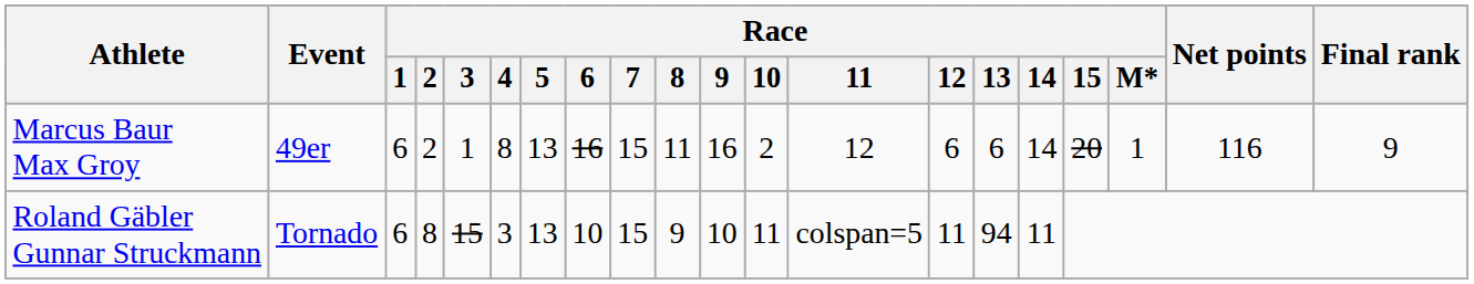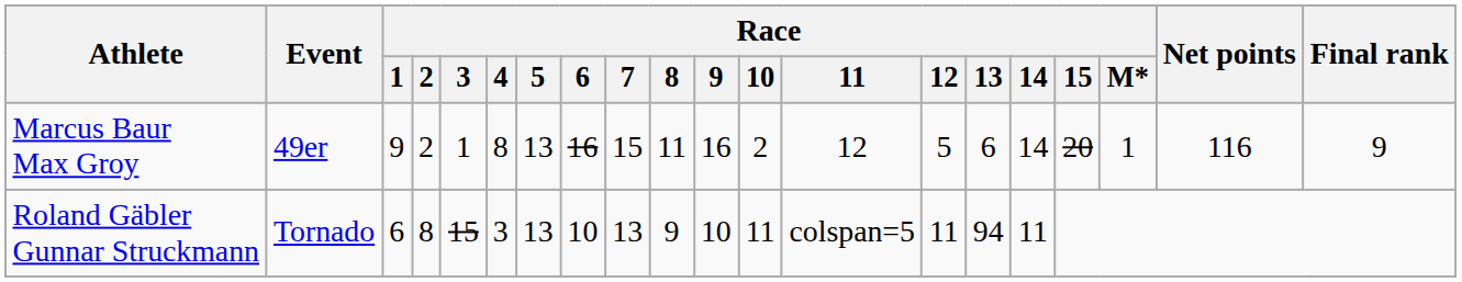 <table class="wikitable" style="font-size:90%">
 <tr>
 <th rowspan=2>Athlete</th>
 <th rowspan=2>Event</th>
 <th colspan=16>Race</th>
 <th rowspan=2>Net points</th>
 <th rowspan=2>Final rank</th>
 </tr>
 <tr style="font-size:95%">
 <th>1</th>
 <th>2</th>
 <th>3</th>
 <th>4</th>
 <th>5</th>
 <th>6</th>
 <th>7</th>
 <th>8</th>
 <th>9</th>
 <th>10</th>
 <th>11</th>
 <th>12</th>
 <th>13</th>
 <th>14</th>
 <th>15</th>
 <th>M*</th>
 </tr>
 <tr align=center>
 <td align=left><a href='#'>Marcus Baur</a><br><a href='#'>Max Groy</a></td>
 <td align=left><a href='#'>49er</a></td>
-<td>6</td>
+<td>9</td>
 <td>2</td>
 <td>1</td>
 <td>8</td>
 <td>13</td>
 <td><s>16</s></td>
 <td>15</td>
 <td>11</td>
 <td>16</td>
 <td>2</td>
 <td>12</td>
-<td>6</td>
+<td>5</td>
 <td>6</td>
 <td>14</td>
 <td><s>20</s></td>
 <td>1</td>
 <td>116</td>
 <td>9</td>
 </tr>
 <tr align=center>
 <td align=left><a href='#'>Roland Gäbler</a><br><a href='#'>Gunnar Struckmann</a></td>
 <td align=left><a href='#'>Tornado</a></td>
 <td>6</td>
 <td>8</td>
 <td><s>15</s></td>
 <td>3</td>
 <td>13</td>
 <td>10</td>
-<td>15</td>
+<td>13</td>
 <td>9</td>
 <td>10</td>
 <td>11</td>
 <td>colspan=5 </td>
 <td>11</td>
 <td>94</td>
 <td>11</td>
 </tr>
 </table>
